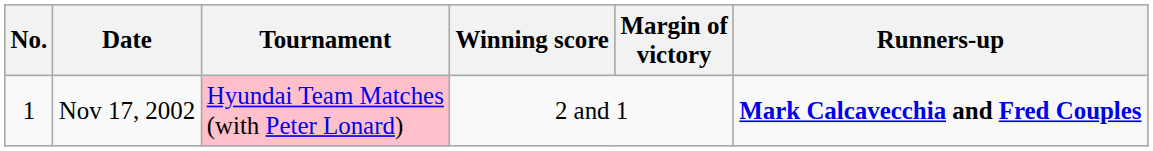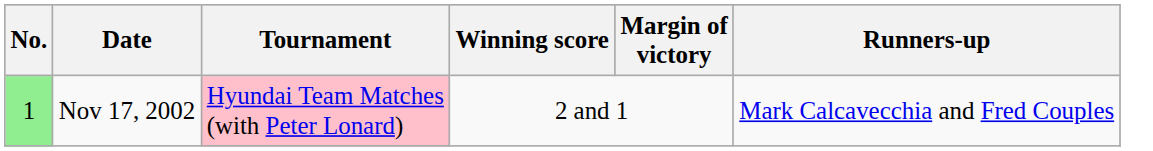 <table class="wikitable" style="font-size:95%;">
 <tr>
 <th>No.</th>
 <th>Date</th>
 <th>Tournament</th>
 <th>Winning score</th>
 <th>Margin of<br>victory</th>
 <th>Runners-up</th>
 </tr>
 <tr>
-<td align=center>1</td>
+<td align=center style="background: lightgreen;">1</td>
 <td align=right>Nov 17, 2002</td>
 <td style="background: pink;"><a href='#'>Hyundai Team Matches</a><br>(with  <a href='#'>Peter Lonard</a>)</td>
 <td colspan=2 align=center>2 and 1</td>
-<td><strong> <a href='#'>Mark Calcavecchia</a> and  <a href='#'>Fred Couples</a></strong></td>
+<td> <a href='#'>Mark Calcavecchia</a> and  <a href='#'>Fred Couples</a></td>
 </tr>
 </table>
